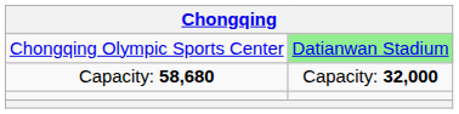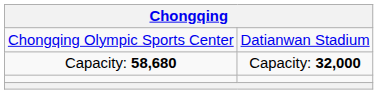 <table class="wikitable" style="text-align:center">
 <tr>
 <th colspan=2><a href='#'>Chongqing</a></th>
 </tr>
 <tr>
 <td><a href='#'>Chongqing Olympic Sports Center</a></td>
-<td style="background: lightgreen;"><a href='#'>Datianwan Stadium</a></td>
+<td><a href='#'>Datianwan Stadium</a></td>
 </tr>
 <tr>
 <td>Capacity: <strong>58,680</strong></td>
 <td>Capacity: <strong>32,000</strong></td>
 </tr>
 <tr>
 <td></td>
 <td></td>
 </tr>
 <tr>
 <th colspan="2" rowspan="4"></th>
 </tr>
 </table>
